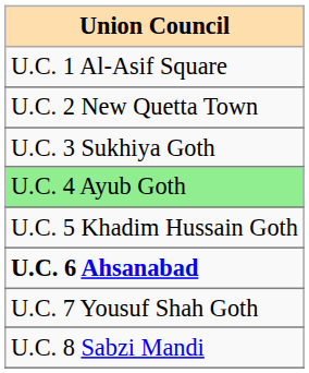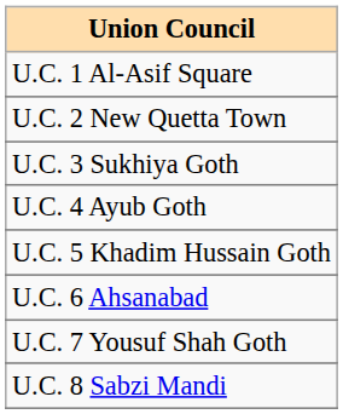 <table class="sortable wikitable" align="left" style="font-size:90%">
 <tr>
 <th style="background:#ffdead;"><strong>Union Council</strong></th>
 </tr>
 <tr>
 <td style="border-bottom:1px solid grey;">U.C. 1 Al-Asif Square</td>
 </tr>
 <tr>
 <td style="border-bottom:1px solid grey;">U.C. 2 New Quetta Town</td>
 </tr>
 <tr>
 <td style="border-bottom:1px solid grey;">U.C. 3 Sukhiya Goth</td>
 </tr>
 <tr>
-<td style="background: lightgreen; border-bottom:1px solid grey;">U.C. 4 Ayub Goth</td>
+<td style="border-bottom:1px solid grey;">U.C. 4 Ayub Goth</td>
 </tr>
 <tr>
 <td style="border-bottom:1px solid grey;">U.C. 5 Khadim Hussain Goth</td>
 </tr>
 <tr>
-<td style="border-bottom:1px solid grey;"><strong>U.C. 6 <a href='#'>Ahsanabad</a></strong></td>
+<td style="border-bottom:1px solid grey;">U.C. 6 <a href='#'>Ahsanabad</a></td>
 </tr>
 <tr>
 <td style="border-bottom:1px solid grey;">U.C. 7 Yousuf Shah Goth</td>
 </tr>
 <tr>
 <td style="border-bottom:1px solid grey;">U.C. 8 <a href='#'>Sabzi Mandi</a></td>
 </tr>
 </table>
